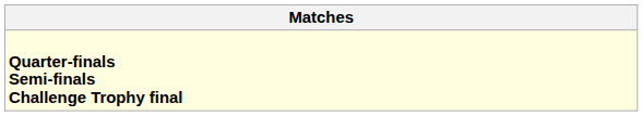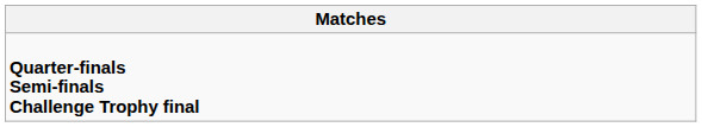 <table class="wikitable collapsible collapsed" style="width:100%;">
 <tr>
 <th>Matches</th>
 </tr>
 <tr>
-<td style="background: lightyellow;"><br><strong>Quarter-finals</strong>    <br><strong>Semi-finals</strong>  <br><strong>Challenge Trophy final</strong> </td>
+<td><br><strong>Quarter-finals</strong>    <br><strong>Semi-finals</strong>  <br><strong>Challenge Trophy final</strong> </td>
 </tr>
 </table>
